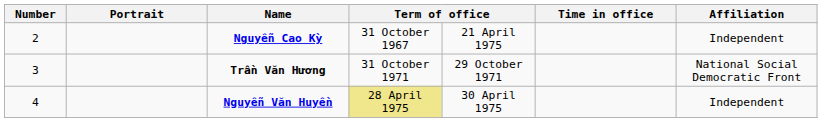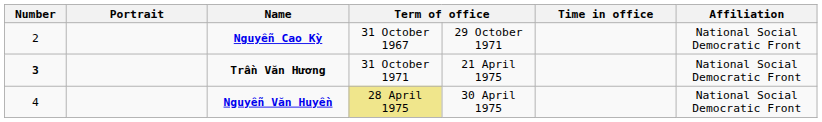 <table class="wikitable" width="74%">
 <tr>
 <th scope="col" style="width:5em;">Number</th>
 <th scope="col" style="width:12em;">Portrait</th>
 <th scope="col" style="width:12em;">Name<br></th>
 <th colspan="2" scope="col" style="width:12em;">Term of office</th>
 <th scope="col" style="width:12em;">Time in office</th>
 <th scope="col" style="width:12em;">Affiliation</th>
 </tr>
 <tr>
 <td align="center" style="background: ">2</td>
 <td align="center"></td>
 <td align="center" scope="row" style="font-weight:normal;"><strong><a href='#'>Nguyễn Cao Kỳ</a></strong><br></td>
 <td align="center">31 October 1967</td>
-<td align="center">21 April 1975</td>
+<td align="center">29 October 1971</td>
 <td align="center"></td>
-<td align="center">Independent</td>
+<td align="center">National Social Democratic Front</td>
 </tr>
 <tr>
-<td align="center" style="background: ">3</td>
+<td align="center" style="background: "><strong>3</strong></td>
 <td align="center"></td>
 <td align="center" scope="row" style="font-weight:normal;"><strong>Trần Văn Hương</strong><br></td>
 <td align="center">31 October 1971</td>
-<td align="center">29 October 1971</td>
+<td align="center">21 April 1975</td>
 <td align="center"></td>
 <td align="center">National Social Democratic Front</td>
 </tr>
 <tr>
 <td align="center" style="background: ">4</td>
 <td align="center"></td>
 <td align="center" scope="row" style="font-weight:normal;"><strong><a href='#'>Nguyễn Văn Huyền</a></strong><br></td>
 <td align="center" style="background: khaki;">28 April 1975</td>
 <td align="center">30 April 1975</td>
 <td align="center"></td>
-<td align="center">Independent</td>
+<td align="center">National Social Democratic Front</td>
 </tr>
 </table>
